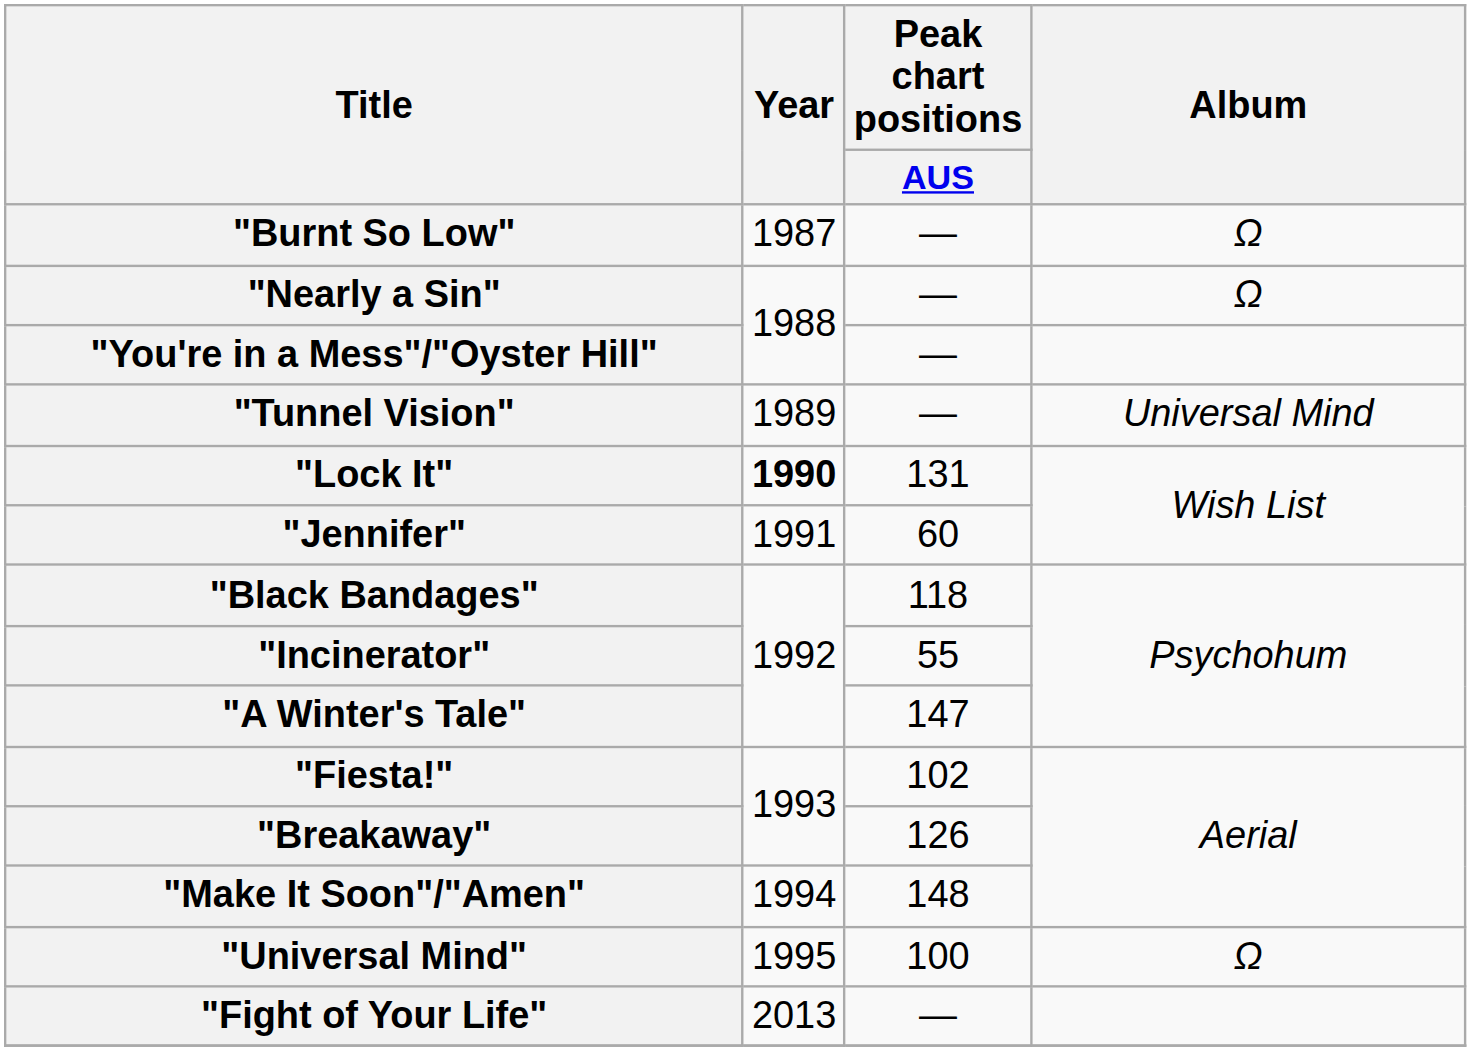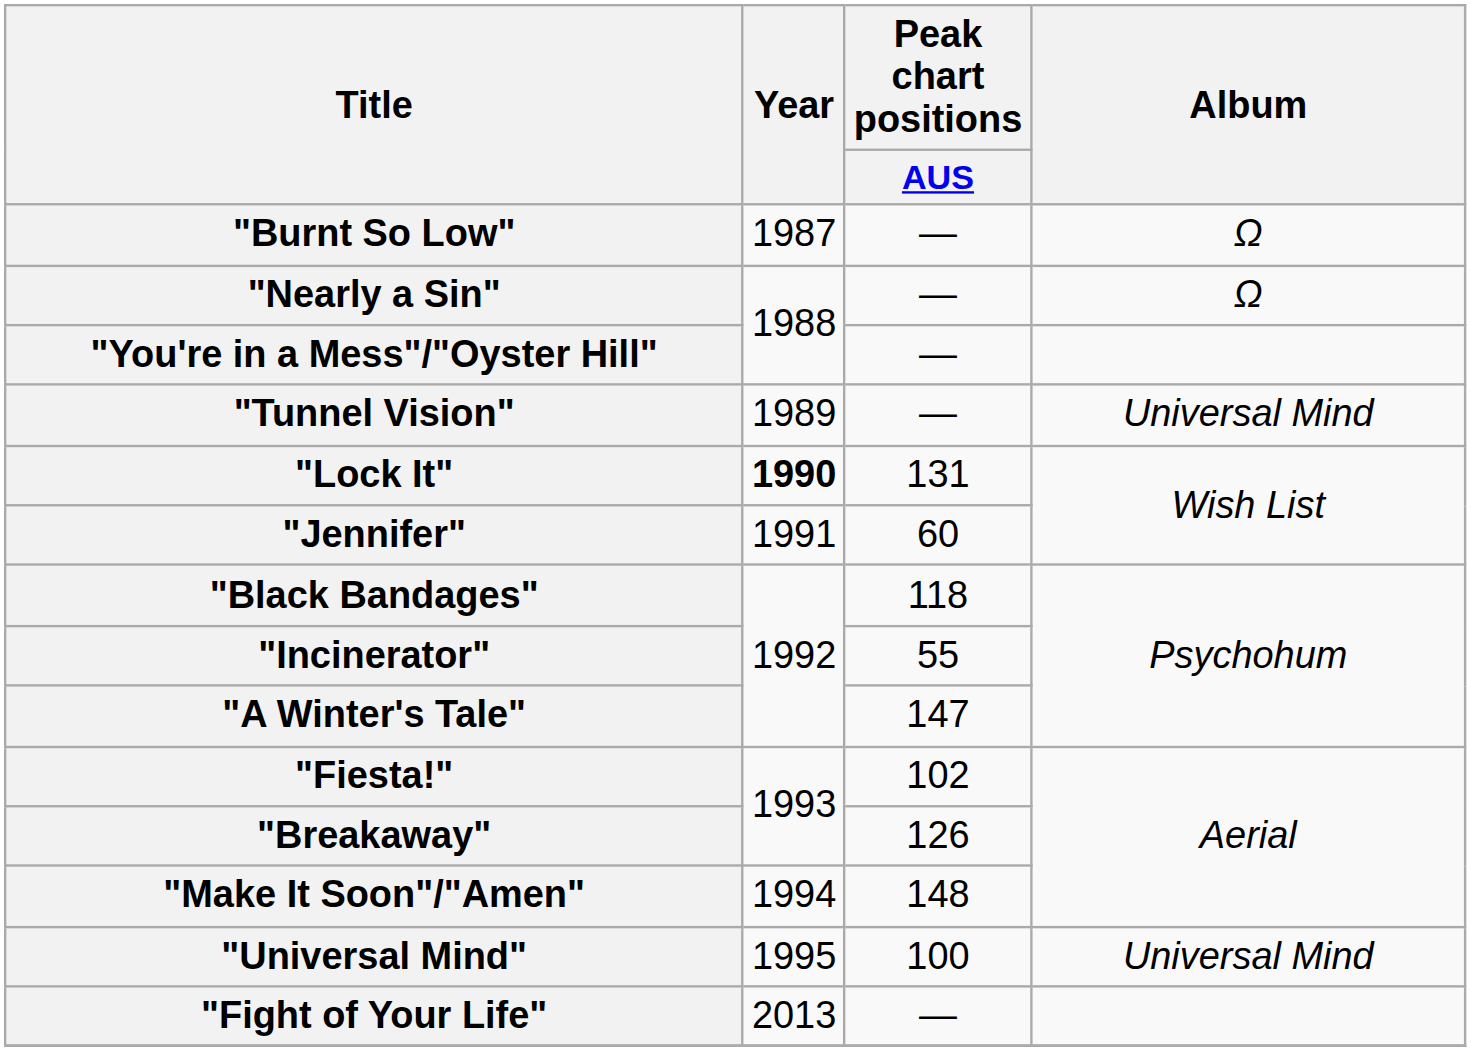 <table class="wikitable plainrowheaders" style="text-align:center;">
 <tr>
 <th scope="col" rowspan="2" style="width:19em;">Title</th>
 <th scope="col" rowspan="2" style="width:1em;">Year</th>
 <th scope="col" colspan="1">Peak chart positions</th>
 <th scope="col" rowspan="2" style="width:11em;">Album</th>
 </tr>
 <tr>
 <th scope="col" style="width:3em;font-size:90%;"><a href='#'>AUS</a><br></th>
 </tr>
 <tr>
 <th scope="row">"Burnt So Low"</th>
 <td>1987</td>
 <td>—</td>
 <td><em>Ω</em></td>
 </tr>
 <tr>
 <th scope="row">"Nearly a Sin"</th>
 <td rowspan="2">1988</td>
 <td>—</td>
 <td><em>Ω</em></td>
 </tr>
 <tr>
 <th scope="row">"You're in a Mess"/"Oyster Hill"</th>
 <td>—</td>
 </tr>
 <tr>
 <th scope="row">"Tunnel Vision"</th>
 <td>1989</td>
 <td>—</td>
 <td><em>Universal Mind</em></td>
 </tr>
 <tr>
 <th scope="row">"Lock It"</th>
 <td><strong>1990</strong></td>
 <td>131</td>
 <td rowspan="2"><em>Wish List</em></td>
 </tr>
 <tr>
 <th scope="row">"Jennifer"</th>
 <td>1991</td>
 <td>60</td>
 </tr>
 <tr>
 <th scope="row">"Black Bandages"</th>
 <td rowspan="3”">1992</td>
 <td>118</td>
 <td rowspan="3"><em>Psychohum</em></td>
 </tr>
 <tr>
 <th scope="row">"Incinerator"</th>
 <td>55</td>
 </tr>
 <tr>
 <th scope="row">"A Winter's Tale"</th>
 <td>147</td>
 </tr>
 <tr>
 <th scope="row">"Fiesta!"</th>
 <td rowspan="2”">1993</td>
 <td>102</td>
 <td rowspan="3"><em>Aerial</em></td>
 </tr>
 <tr>
 <th scope="row">"Breakaway"</th>
 <td>126</td>
 </tr>
 <tr>
 <th scope="row">"Make It Soon"/"Amen"</th>
 <td>1994</td>
 <td>148</td>
 </tr>
 <tr>
 <th scope="row">"Universal Mind"</th>
 <td>1995</td>
 <td>100</td>
-<td><em>Ω</em></td>
+<td><em>Universal Mind</em></td>
 </tr>
 <tr>
 <th scope="row">"Fight of Your Life"</th>
 <td>2013</td>
 <td>—</td>
 <td></td>
 </tr>
 <tr>
 </tr>
 </table>
